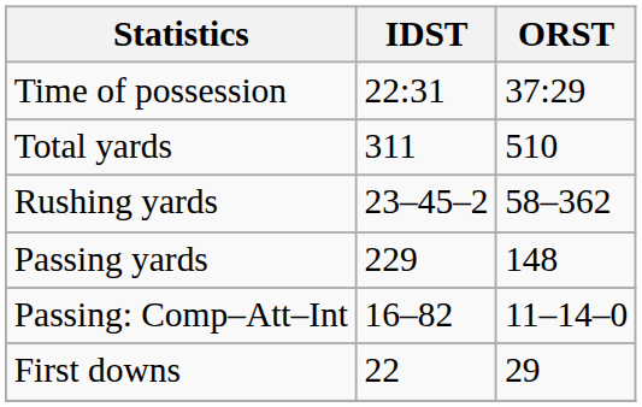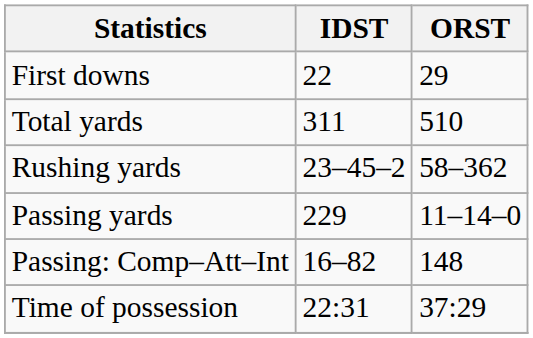 <table class="wikitable" style="float: left;">
 <tr>
 <th>Statistics</th>
 <th>IDST</th>
 <th>ORST</th>
 </tr>
 <tr>
-<td>Time of possession</td>
-<td>22:31</td>
-<td>37:29</td>
+<td>First downs</td>
+<td>22</td>
+<td>29</td>
 </tr>
 <tr>
 <td>Total yards</td>
 <td>311</td>
 <td>510</td>
 </tr>
 <tr>
 <td>Rushing yards</td>
 <td>23–45–2</td>
 <td>58–362</td>
 </tr>
 <tr>
 <td>Passing yards</td>
 <td>229</td>
-<td>148</td>
+<td>11–14–0</td>
 </tr>
 <tr>
 <td>Passing: Comp–Att–Int</td>
 <td>16–82</td>
-<td>11–14–0</td>
+<td>148</td>
 </tr>
 <tr>
-<td>First downs</td>
-<td>22</td>
-<td>29</td>
+<td>Time of possession</td>
+<td>22:31</td>
+<td>37:29</td>
 </tr>
 <tr>
 </tr>
 </table>
